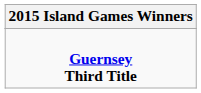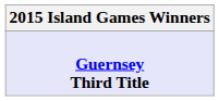 <table class="wikitable" style="text-align: center; margin: 0 auto;">
 <tr>
 <th>2015 Island Games Winners</th>
 </tr>
 <tr>
 </tr>
 <tr>
-<td><br><strong><a href='#'>Guernsey</a></strong><br><strong>Third Title</strong></td>
+<td style="background: lavender;"><br><strong><a href='#'>Guernsey</a></strong><br><strong>Third Title</strong></td>
 </tr>
 </table>
